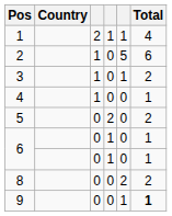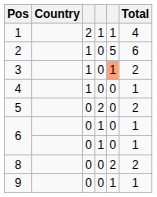 <table class=wikitable style="font-size:95%; text-align: center">
 <tr>
 <th>Pos</th>
 <th>Country</th>
 <th></th>
 <th></th>
 <th></th>
 <th>Total</th>
 </tr>
 <tr>
 <td>1</td>
 <td style="text-align:left"></td>
 <td>2</td>
 <td>1</td>
 <td>1</td>
 <td>4</td>
 </tr>
 <tr>
 <td>2</td>
 <td style="text-align:left"></td>
 <td>1</td>
 <td>0</td>
 <td>5</td>
 <td>6</td>
 </tr>
 <tr>
 <td>3</td>
 <td style="text-align:left"></td>
 <td>1</td>
 <td>0</td>
-<td>1</td>
+<td style="background: lightsalmon;">1</td>
 <td>2</td>
 </tr>
 <tr>
 <td>4</td>
 <td style="text-align:left"></td>
 <td>1</td>
 <td>0</td>
 <td>0</td>
 <td>1</td>
 </tr>
 <tr>
 <td>5</td>
 <td style="text-align:left"></td>
 <td>0</td>
 <td>2</td>
 <td>0</td>
 <td>2</td>
 </tr>
 <tr>
 <td rowspan=2>6</td>
 <td style=text-align:left></td>
 <td>0</td>
 <td>1</td>
 <td>0</td>
 <td>1</td>
 </tr>
 <tr>
 <td style=text-align:left></td>
 <td>0</td>
 <td>1</td>
 <td>0</td>
 <td>1</td>
 </tr>
 <tr>
 <td>8</td>
 <td style="text-align:left"></td>
 <td>0</td>
 <td>0</td>
 <td>2</td>
 <td>2</td>
 </tr>
 <tr>
 <td>9</td>
 <td style="text-align:left"></td>
 <td>0</td>
 <td>0</td>
 <td>1</td>
-<td><strong>1</strong></td>
+<td>1</td>
 </tr>
 </table>
